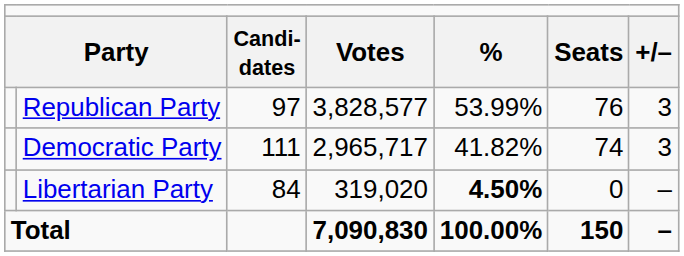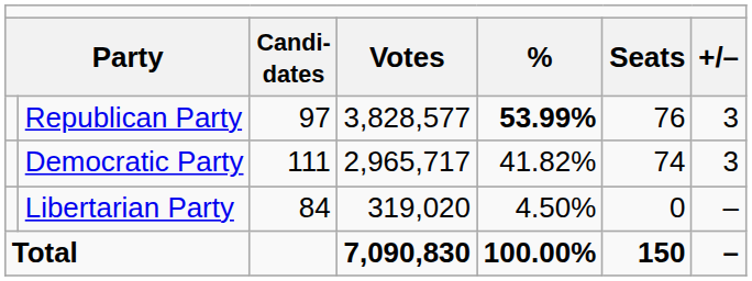 <table class="wikitable" style="font-size:100%; text-align:right;">
 <tr>
 <td colspan="14" align="center"></td>
 </tr>
 <tr>
 <th colspan="2">Party</th>
 <th><small>Candi-<br>dates</small></th>
 <th>Votes</th>
 <th>%</th>
 <th>Seats</th>
 <th>+/–</th>
 </tr>
 <tr>
 <td style="background:"></td>
 <td align="left"><a href='#'>Republican Party</a></td>
 <td>97</td>
 <td>3,828,577</td>
-<td>53.99%</td>
+<td><strong>53.99%</strong></td>
 <td>76</td>
 <td>3</td>
 </tr>
 <tr>
 <td style="background:"></td>
 <td align="left"><a href='#'>Democratic Party</a></td>
 <td>111</td>
 <td>2,965,717</td>
 <td>41.82%</td>
 <td>74</td>
 <td>3</td>
 </tr>
 <tr>
 <td style="background:"></td>
 <td align="left"><a href='#'>Libertarian Party</a></td>
 <td>84</td>
 <td>319,020</td>
-<td><strong>4.50%</strong></td>
+<td>4.50%</td>
 <td>0</td>
 <td>–</td>
 </tr>
 <tr style="font-weight:bold">
 <td colspan="2" align="left">Total</td>
 <td></td>
 <td>7,090,830</td>
 <td>100.00%</td>
 <td>150</td>
 <td>–</td>
 </tr>
 </table>
